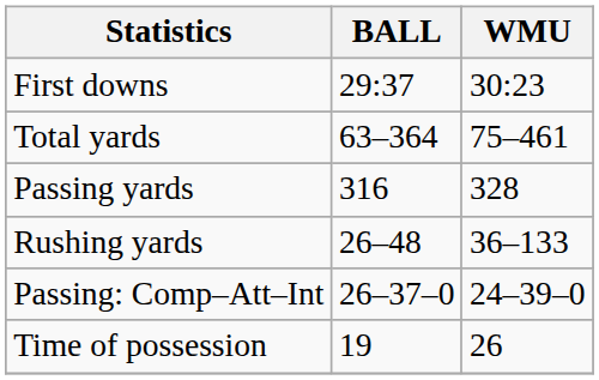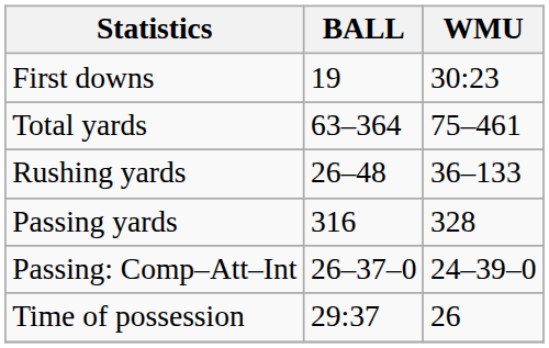 <table class="wikitable" style="float: left;">
 <tr>
 <th>Statistics</th>
 <th>BALL</th>
 <th>WMU</th>
 </tr>
 <tr>
 <td>First downs</td>
-<td>29:37</td>
+<td>19</td>
 <td>30:23</td>
 </tr>
 <tr>
 <td>Total yards</td>
 <td>63–364</td>
 <td>75–461</td>
 </tr>
 <tr>
+<td>Rushing yards</td>
+<td>26–48</td>
+<td>36–133</td>
+</tr>
+<tr>
 <td>Passing yards</td>
 <td>316</td>
 <td>328</td>
-</tr>
-<tr>
-<td>Rushing yards</td>
-<td>26–48</td>
-<td>36–133</td>
 </tr>
 <tr>
 <td>Passing: Comp–Att–Int</td>
 <td>26–37–0</td>
 <td>24–39–0</td>
 </tr>
 <tr>
 <td>Time of possession</td>
-<td>19</td>
+<td>29:37</td>
 <td>26</td>
 </tr>
 <tr>
 </tr>
 </table>
